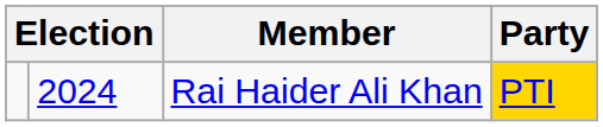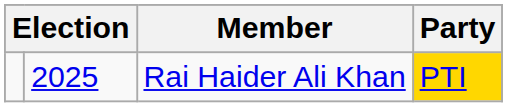 <table class="wikitable">
 <tr>
 <th colspan="2">Election</th>
 <th>Member</th>
 <th>Party</th>
 </tr>
 <tr>
 <td style="background-color: "></td>
-<td><a href='#'>2024</a></td>
+<td><a href='#'>2025</a></td>
 <td><a href='#'>Rai Haider Ali Khan</a></td>
 <td style="background: gold;"><a href='#'>PTI</a></td>
 </tr>
 </table>
